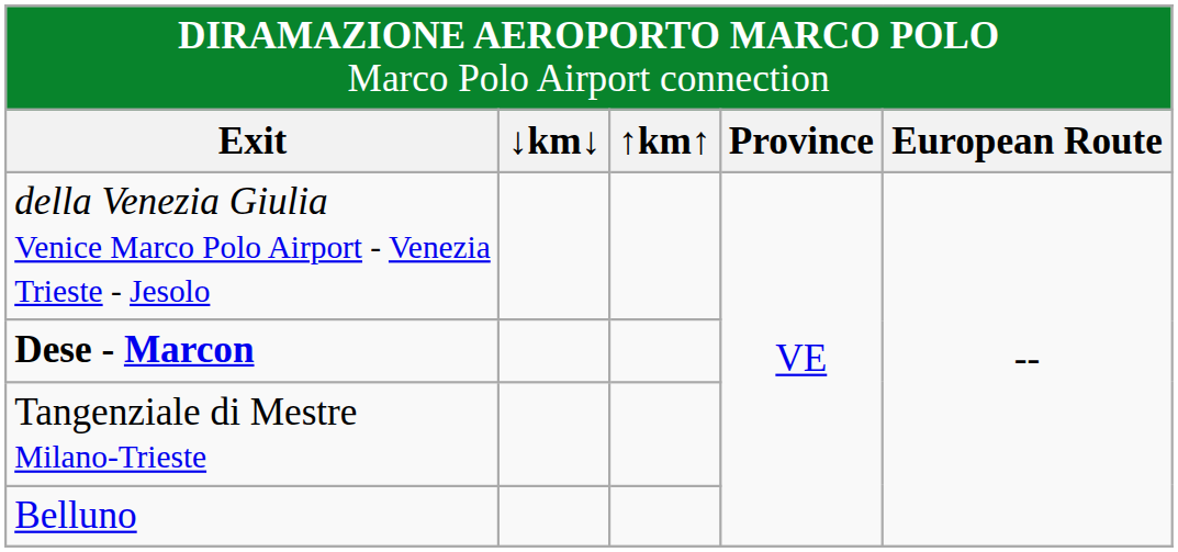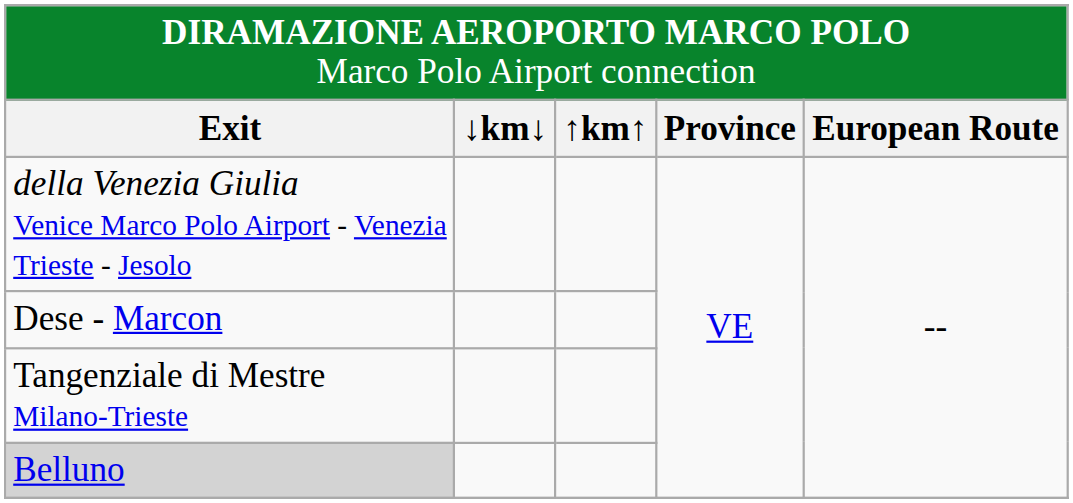 <table class="wikitable" border="1">
 <tr>
 </tr>
 <tr align="center" bgcolor="08842C" style="color: white;font-size:100%;">
 <td colspan="6"><strong> DIRAMAZIONE AEROPORTO MARCO POLO</strong><br>Marco Polo Airport connection</td>
 </tr>
 <tr>
 <th style="text-align:center;"><strong>Exit</strong></th>
 <th style="text-align:center;"><strong>↓km↓</strong></th>
 <th style="text-align:center;"><strong>↑km↑</strong></th>
 <th align="center"><strong>Province</strong></th>
 <th align="center"><strong>European Route</strong></th>
 </tr>
 <tr>
 <td>  <em>della Venezia Giulia</em><br><small> <a href='#'>Venice Marco Polo Airport</a> - <a href='#'>Venezia</a></small><br><small><a href='#'>Trieste</a> - <a href='#'>Jesolo</a></small></td>
 <td align="right"></td>
 <td align="right"></td>
 <td align="center" rowspan=4><a href='#'>VE</a></td>
 <td align="center" rowspan=4>--</td>
 </tr>
 <tr>
-<td><strong> Dese - <a href='#'>Marcon</a></strong></td>
+<td> Dese - <a href='#'>Marcon</a></td>
 <td align="right"></td>
 <td align="right"></td>
 </tr>
 <tr>
 <td>   Tangenziale di Mestre<br><small> <a href='#'>Milano-Trieste</a></small></td>
 <td align="right"></td>
 <td align="right"></td>
 </tr>
 <tr>
-<td>  <a href='#'>Belluno</a></td>
+<td style="background: lightgrey;">  <a href='#'>Belluno</a></td>
 <td align="right"></td>
 <td align="right"></td>
 </tr>
 <tr>
 </tr>
 </table>
